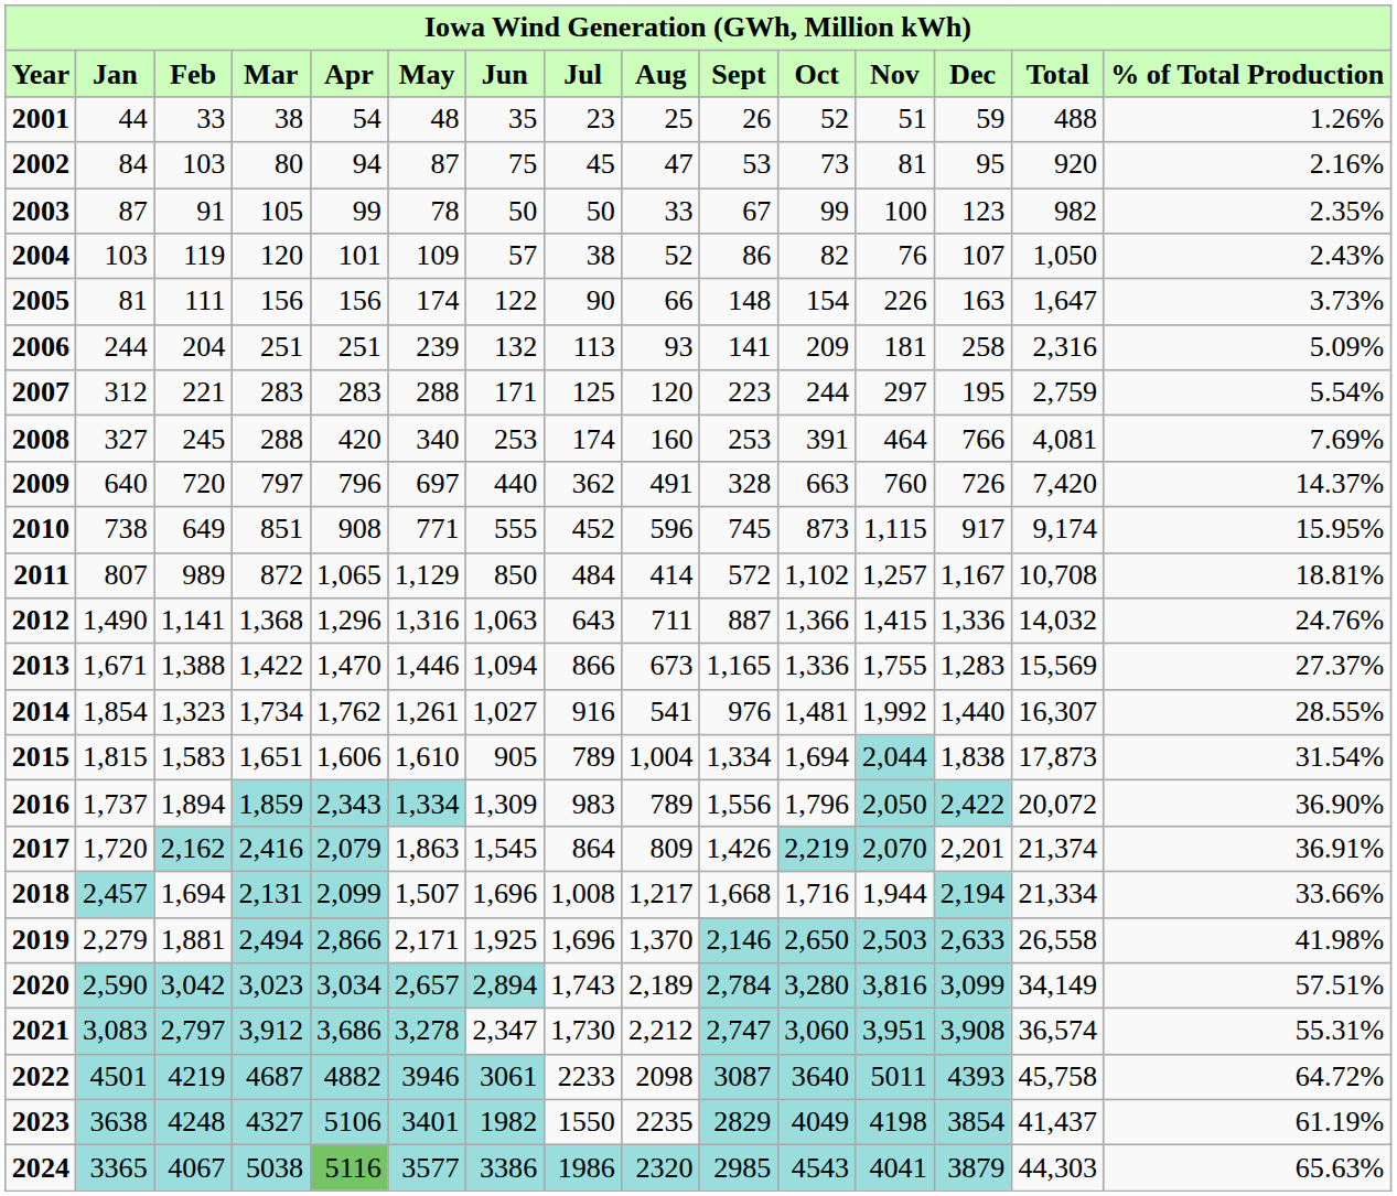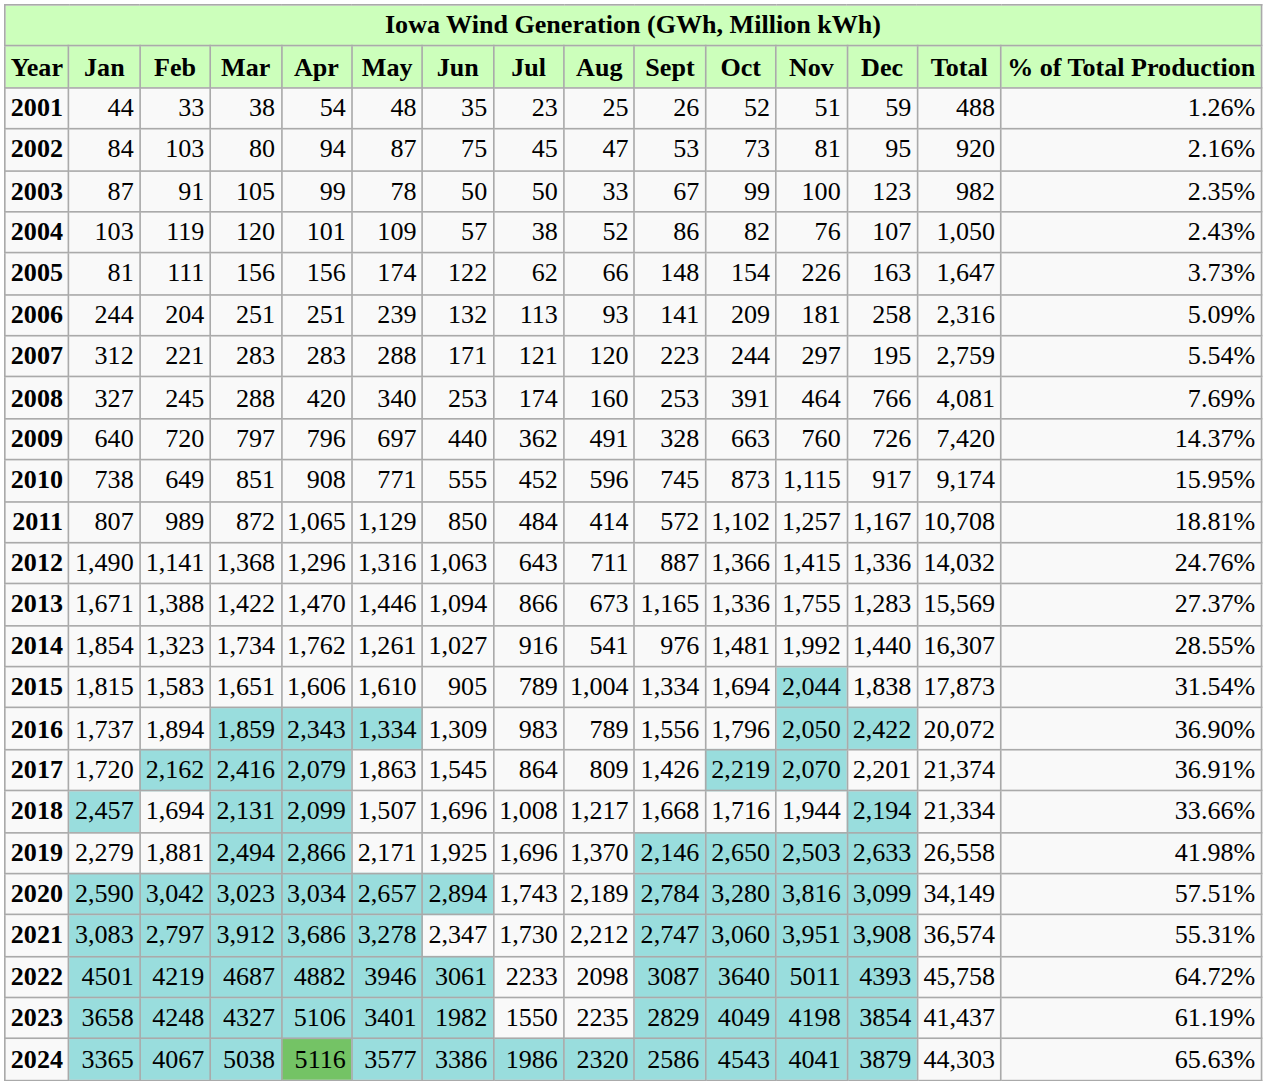 <table class="wikitable" style="text-align:right;">
 <tr>
 <th colspan="15" style="background:#cfb;">Iowa Wind Generation (GWh, Million kWh)</th>
 </tr>
 <tr>
 <th style="background:#cfb;">Year</th>
 <th style="background:#cfb;">Jan</th>
 <th style="background:#cfb;">Feb</th>
 <th style="background:#cfb;">Mar</th>
 <th style="background:#cfb;">Apr</th>
 <th style="background:#cfb;">May</th>
 <th style="background:#cfb;">Jun</th>
 <th style="background:#cfb;">Jul</th>
 <th style="background:#cfb;">Aug</th>
 <th style="background:#cfb;">Sept</th>
 <th style="background:#cfb;">Oct</th>
 <th style="background:#cfb;">Nov</th>
 <th style="background:#cfb;">Dec</th>
 <th style="background:#cfb;">Total</th>
 <th style="background:#cfb;">% of Total Production</th>
 </tr>
 <tr align=right>
 <td><strong>2001</strong></td>
 <td>44</td>
 <td>33</td>
 <td>38</td>
 <td>54</td>
 <td>48</td>
 <td>35</td>
 <td>23</td>
 <td>25</td>
 <td>26</td>
 <td>52</td>
 <td>51</td>
 <td>59</td>
 <td>488</td>
 <td>1.26%</td>
 </tr>
 <tr align=right>
 <td><strong>2002</strong></td>
 <td>84</td>
 <td>103</td>
 <td>80</td>
 <td>94</td>
 <td>87</td>
 <td>75</td>
 <td>45</td>
 <td>47</td>
 <td>53</td>
 <td>73</td>
 <td>81</td>
 <td>95</td>
 <td>920</td>
 <td>2.16%</td>
 </tr>
 <tr align=right>
 <td><strong>2003</strong></td>
 <td>87</td>
 <td>91</td>
 <td>105</td>
 <td>99</td>
 <td>78</td>
 <td>50</td>
 <td>50</td>
 <td>33</td>
 <td>67</td>
 <td>99</td>
 <td>100</td>
 <td>123</td>
 <td>982</td>
 <td>2.35%</td>
 </tr>
 <tr align=right>
 <td><strong>2004</strong></td>
 <td>103</td>
 <td>119</td>
 <td>120</td>
 <td>101</td>
 <td>109</td>
 <td>57</td>
 <td>38</td>
 <td>52</td>
 <td>86</td>
 <td>82</td>
 <td>76</td>
 <td>107</td>
 <td>1,050</td>
 <td>2.43%</td>
 </tr>
 <tr align=right>
 <td><strong>2005</strong></td>
 <td>81</td>
 <td>111</td>
 <td>156</td>
 <td>156</td>
 <td>174</td>
 <td>122</td>
-<td>90</td>
+<td>62</td>
 <td>66</td>
 <td>148</td>
 <td>154</td>
 <td>226</td>
 <td>163</td>
 <td>1,647</td>
 <td>3.73%</td>
 </tr>
 <tr align=right>
 <td><strong>2006</strong></td>
 <td>244</td>
 <td>204</td>
 <td>251</td>
 <td>251</td>
 <td>239</td>
 <td>132</td>
 <td>113</td>
 <td>93</td>
 <td>141</td>
 <td>209</td>
 <td>181</td>
 <td>258</td>
 <td>2,316</td>
 <td>5.09%</td>
 </tr>
 <tr align=right>
 <td><strong>2007</strong></td>
 <td>312</td>
 <td>221</td>
 <td>283</td>
 <td>283</td>
 <td>288</td>
 <td>171</td>
-<td>125</td>
+<td>121</td>
 <td>120</td>
 <td>223</td>
 <td>244</td>
 <td>297</td>
 <td>195</td>
 <td>2,759</td>
 <td>5.54%</td>
 </tr>
 <tr align=right>
 <td><strong>2008</strong></td>
 <td>327</td>
 <td>245</td>
 <td>288</td>
 <td>420</td>
 <td>340</td>
 <td>253</td>
 <td>174</td>
 <td>160</td>
 <td>253</td>
 <td>391</td>
 <td>464</td>
 <td>766</td>
 <td>4,081</td>
 <td>7.69%</td>
 </tr>
 <tr align=right>
 <td><strong>2009</strong></td>
 <td>640</td>
 <td>720</td>
 <td>797</td>
 <td>796</td>
 <td>697</td>
 <td>440</td>
 <td>362</td>
 <td>491</td>
 <td>328</td>
 <td>663</td>
 <td>760</td>
 <td>726</td>
 <td>7,420</td>
 <td>14.37%</td>
 </tr>
 <tr align=right>
 <td><strong>2010</strong></td>
 <td>738</td>
 <td>649</td>
 <td>851</td>
 <td>908</td>
 <td>771</td>
 <td>555</td>
 <td>452</td>
 <td>596</td>
 <td>745</td>
 <td>873</td>
 <td>1,115</td>
 <td>917</td>
 <td>9,174</td>
 <td>15.95%</td>
 </tr>
 <tr align=right>
 <td><strong>2011</strong></td>
 <td>807</td>
 <td>989</td>
 <td>872</td>
 <td>1,065</td>
 <td>1,129</td>
 <td>850</td>
 <td>484</td>
 <td>414</td>
 <td>572</td>
 <td>1,102</td>
 <td>1,257</td>
 <td>1,167</td>
 <td>10,708</td>
 <td>18.81%</td>
 </tr>
 <tr align=right>
 <td><strong>2012</strong></td>
 <td>1,490</td>
 <td>1,141</td>
 <td>1,368</td>
 <td>1,296</td>
 <td>1,316</td>
 <td>1,063</td>
 <td>643</td>
 <td>711</td>
 <td>887</td>
 <td>1,366</td>
 <td>1,415</td>
 <td>1,336</td>
 <td>14,032</td>
 <td>24.76%</td>
 </tr>
 <tr align=right>
 <td><strong>2013</strong></td>
 <td>1,671</td>
 <td>1,388</td>
 <td>1,422</td>
 <td>1,470</td>
 <td>1,446</td>
 <td>1,094</td>
 <td>866</td>
 <td>673</td>
 <td>1,165</td>
 <td>1,336</td>
 <td>1,755</td>
 <td>1,283</td>
 <td>15,569</td>
 <td>27.37%</td>
 </tr>
 <tr align=right>
 <td><strong>2014</strong></td>
 <td>1,854</td>
 <td>1,323</td>
 <td>1,734</td>
 <td>1,762</td>
 <td>1,261</td>
 <td>1,027</td>
 <td>916</td>
 <td>541</td>
 <td>976</td>
 <td>1,481</td>
 <td>1,992</td>
 <td>1,440</td>
 <td>16,307</td>
 <td>28.55%</td>
 </tr>
 <tr align=right>
 <td><strong>2015</strong></td>
 <td>1,815</td>
 <td>1,583</td>
 <td>1,651</td>
 <td>1,606</td>
 <td>1,610</td>
 <td>905</td>
 <td>789</td>
 <td>1,004</td>
 <td>1,334</td>
 <td>1,694</td>
 <td style="background-color: #9dd;">2,044</td>
 <td>1,838</td>
 <td>17,873</td>
 <td>31.54%</td>
 </tr>
 <tr align=right>
 <td><strong>2016</strong></td>
 <td>1,737</td>
 <td>1,894</td>
 <td style="background-color: #9dd;">1,859</td>
 <td style="background-color: #9dd;">2,343</td>
 <td style="background-color: #9dd;">1,334</td>
 <td>1,309</td>
 <td>983</td>
 <td>789</td>
 <td>1,556</td>
 <td>1,796</td>
 <td style="background-color: #9dd;">2,050</td>
 <td style="background-color: #9dd;">2,422</td>
 <td>20,072</td>
 <td>36.90%</td>
 </tr>
 <tr align=right>
 <td><strong>2017</strong></td>
 <td>1,720</td>
 <td style="background-color: #9dd;">2,162</td>
 <td style="background-color: #9dd;">2,416</td>
 <td style="background-color: #9dd;">2,079</td>
 <td>1,863</td>
 <td>1,545</td>
 <td>864</td>
 <td>809</td>
 <td>1,426</td>
 <td style="background-color: #9dd;">2,219</td>
 <td style="background-color: #9dd;">2,070</td>
 <td>2,201</td>
 <td>21,374</td>
 <td>36.91%</td>
 </tr>
 <tr align=right>
 <td><strong>2018</strong></td>
 <td style="background-color: #9dd;">2,457</td>
 <td>1,694</td>
 <td style="background-color: #9dd;">2,131</td>
 <td style="background-color: #9dd;">2,099</td>
 <td>1,507</td>
 <td>1,696</td>
 <td>1,008</td>
 <td>1,217</td>
 <td>1,668</td>
 <td>1,716</td>
 <td>1,944</td>
 <td style="background-color: #9dd;">2,194</td>
 <td>21,334</td>
 <td>33.66%</td>
 </tr>
 <tr align=right>
 <td><strong>2019</strong></td>
 <td>2,279</td>
 <td>1,881</td>
 <td style="background-color: #9dd;">2,494</td>
 <td style="background-color: #9dd;">2,866</td>
 <td>2,171</td>
 <td>1,925</td>
 <td>1,696</td>
 <td>1,370</td>
 <td style="background-color: #9dd;">2,146</td>
 <td style="background-color: #9dd;">2,650</td>
 <td style="background-color: #9dd;">2,503</td>
 <td style="background-color: #9dd;">2,633</td>
 <td>26,558</td>
 <td>41.98%</td>
 </tr>
 <tr align=right>
 <td><strong>2020</strong></td>
 <td style="background-color: #9dd;">2,590</td>
 <td style="background-color: #9dd;">3,042</td>
 <td style="background-color: #9dd;">3,023</td>
 <td style="background-color: #9dd;">3,034</td>
 <td style="background-color: #9dd;">2,657</td>
 <td style="background-color: #9dd;">2,894</td>
 <td>1,743</td>
 <td>2,189</td>
 <td style="background-color: #9dd;">2,784</td>
 <td style="background-color: #9dd;">3,280</td>
 <td style="background-color: #9dd;">3,816</td>
 <td style="background-color: #9dd;">3,099</td>
 <td>34,149</td>
 <td>57.51%</td>
 </tr>
 <tr align=right>
 <td><strong>2021</strong></td>
 <td style="background-color: #9dd;">3,083</td>
 <td style="background-color: #9dd;">2,797</td>
 <td style="background-color: #9dd;">3,912</td>
 <td style="background-color: #9dd;">3,686</td>
 <td style="background-color: #9dd;">3,278</td>
 <td>2,347</td>
 <td>1,730</td>
 <td>2,212</td>
 <td style="background-color: #9dd;">2,747</td>
 <td style="background-color: #9dd;">3,060</td>
 <td style="background-color: #9dd;">3,951</td>
 <td style="background-color: #9dd;">3,908</td>
 <td>36,574</td>
 <td>55.31%</td>
 </tr>
 <tr align=right>
 <td><strong>2022</strong></td>
 <td style="background-color: #9dd;">4501</td>
 <td style="background-color: #9dd;">4219</td>
 <td style="background-color: #9dd;">4687</td>
 <td style="background-color: #9dd;">4882</td>
 <td style="background-color: #9dd;">3946</td>
 <td style="background-color: #9dd;">3061</td>
 <td>2233</td>
 <td>2098</td>
 <td style="background-color: #9dd;">3087</td>
 <td style="background-color: #9dd;">3640</td>
 <td style="background-color: #9dd;">5011</td>
 <td style="background-color: #9dd;">4393</td>
 <td>45,758</td>
 <td>64.72%</td>
 </tr>
 <tr align=right>
 <td><strong>2023</strong></td>
-<td style="background-color: #9dd;">3638</td>
+<td style="background-color: #9dd;">3658</td>
 <td style="background-color: #9dd;">4248</td>
 <td style="background-color: #9dd;">4327</td>
 <td style="background-color: #9dd;">5106</td>
 <td style="background-color: #9dd;">3401</td>
 <td style="background-color: #9dd;">1982</td>
 <td>1550</td>
 <td>2235</td>
 <td style="background-color: #9dd;">2829</td>
 <td style="background-color: #9dd;">4049</td>
 <td style="background-color: #9dd;">4198</td>
 <td style="background-color: #9dd;">3854</td>
 <td>41,437</td>
 <td>61.19%</td>
 </tr>
 <tr align=right>
 <td><strong>2024</strong></td>
 <td style="background-color: #9dd;">3365</td>
 <td style="background-color: #9dd;">4067</td>
 <td style="background-color: #9dd;">5038</td>
 <td style="background-color: #74C365;">5116</td>
 <td style="background-color: #9dd;">3577</td>
 <td style="background-color: #9dd;">3386</td>
 <td style="background-color: #9dd;">1986</td>
 <td style="background-color: #9dd;">2320</td>
-<td style="background-color: #9dd;">2985</td>
+<td style="background-color: #9dd;">2586</td>
 <td style="background-color: #9dd;">4543</td>
 <td style="background-color: #9dd;">4041</td>
 <td style="background-color: #9dd;">3879</td>
 <td>44,303</td>
 <td>65.63%</td>
 </tr>
 </table>
